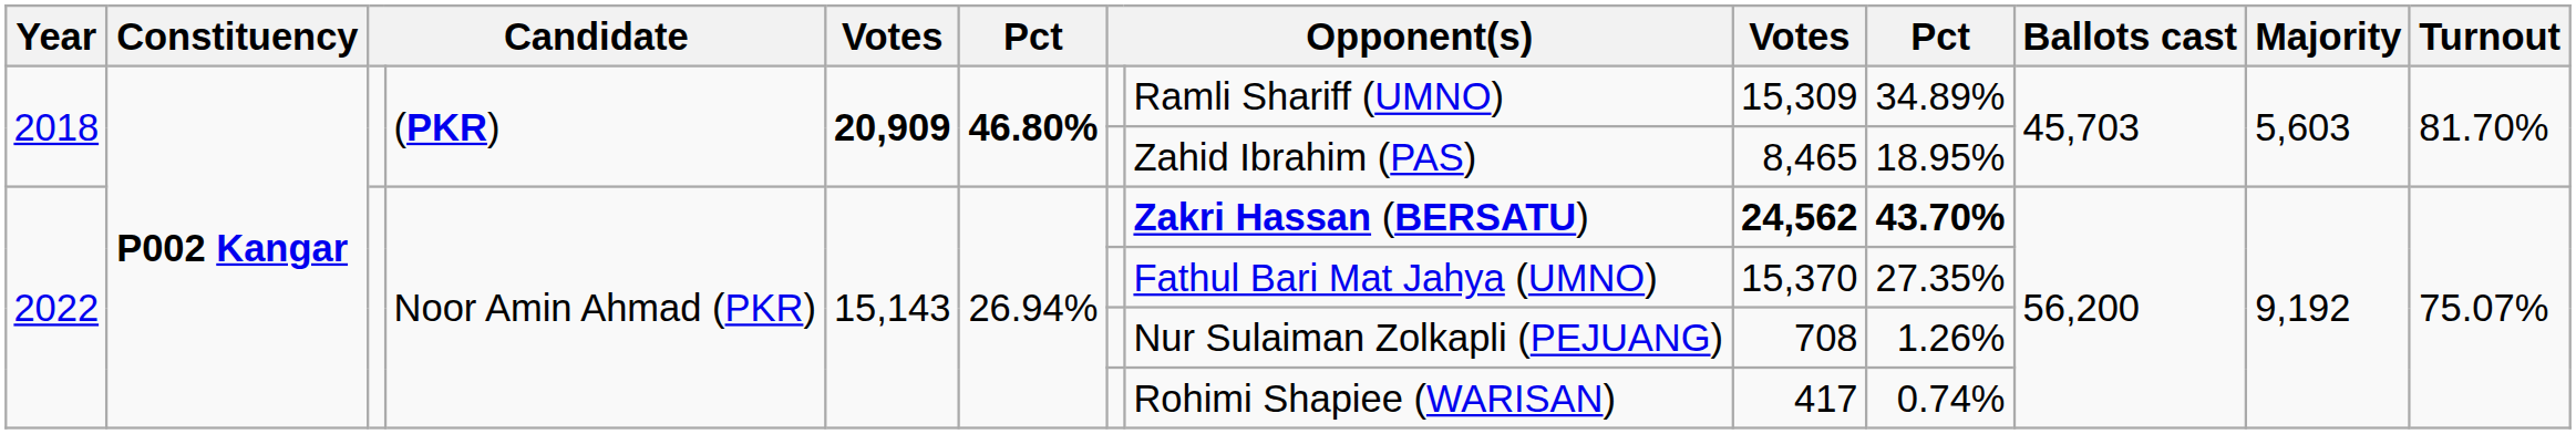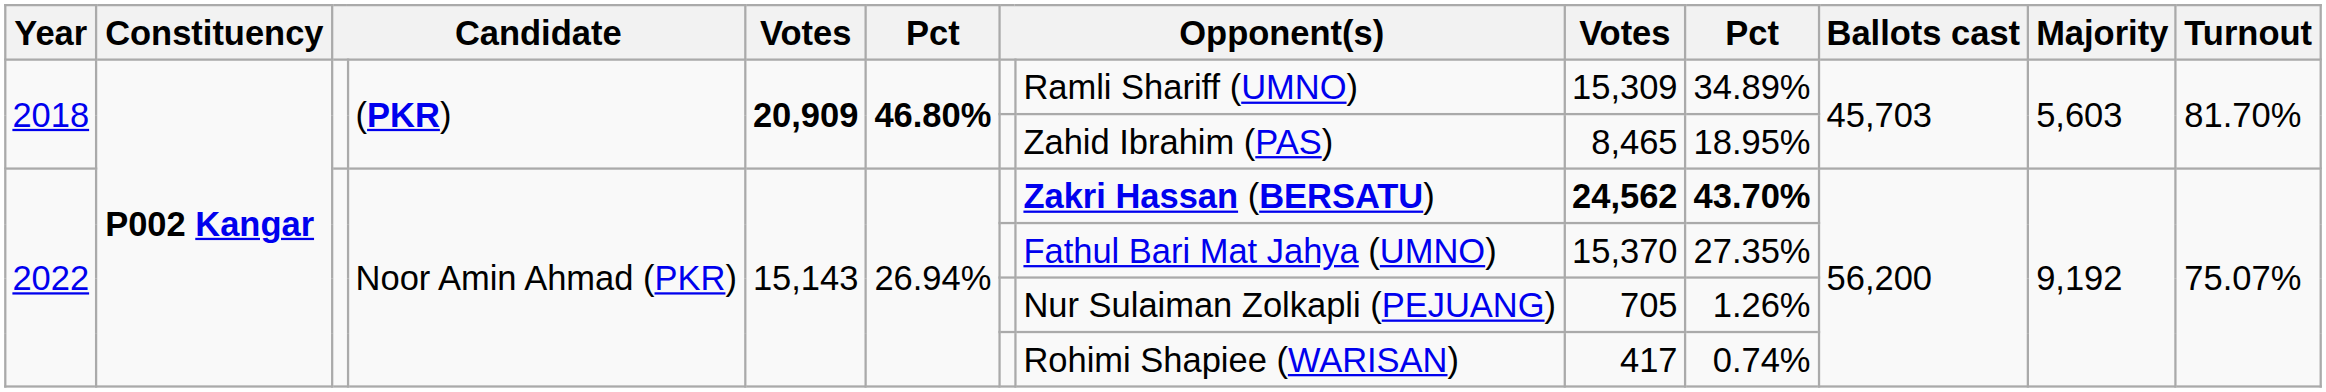 <table class="wikitable" style="margin:0.5em ; font-size:95%">
 <tr>
 <th>Year</th>
 <th>Constituency</th>
 <th colspan=2>Candidate</th>
 <th>Votes</th>
 <th>Pct</th>
 <th colspan=2>Opponent(s)</th>
 <th>Votes</th>
 <th>Pct</th>
 <th>Ballots cast</th>
 <th>Majority</th>
 <th>Turnout</th>
 </tr>
 <tr>
 <td rowspan=2><a href='#'>2018</a></td>
 <td rowspan=6><strong>P002 <a href='#'>Kangar</a></strong></td>
 <td rowspan=2 ></td>
 <td rowspan=2> (<a href='#'><strong>PKR</strong></a>)</td>
 <td rowspan=2 align=right><strong>20,909</strong></td>
 <td rowspan=2><strong>46.80%</strong></td>
 <td></td>
 <td>Ramli Shariff (<a href='#'>UMNO</a>)</td>
 <td align=right>15,309</td>
 <td>34.89%</td>
 <td rowspan=2>45,703</td>
 <td rowspan=2>5,603</td>
 <td rowspan=2>81.70%</td>
 </tr>
 <tr>
 <td></td>
 <td>Zahid Ibrahim (<a href='#'>PAS</a>)</td>
 <td align=right>8,465</td>
 <td>18.95%</td>
 </tr>
 <tr>
 <td rowspan=4><a href='#'>2022</a></td>
 <td rowspan=4 ></td>
 <td rowspan=4>Noor Amin Ahmad (<a href='#'>PKR</a>)</td>
 <td rowspan=4 align=right>15,143</td>
 <td rowspan=4>26.94%</td>
 <td bgcolor=></td>
 <td><strong><a href='#'>Zakri Hassan</a></strong> (<a href='#'><strong>BERSATU</strong></a>)</td>
 <td align=right><strong>24,562</strong></td>
 <td><strong>43.70%</strong></td>
 <td rowspan=4>56,200</td>
 <td rowspan=4>9,192</td>
 <td rowspan=4>75.07%</td>
 </tr>
 <tr>
 <td></td>
 <td><a href='#'>Fathul Bari Mat Jahya</a> (<a href='#'>UMNO</a>)</td>
 <td align=right>15,370</td>
 <td>27.35%</td>
 </tr>
 <tr>
 <td bgcolor=></td>
 <td>Nur Sulaiman Zolkapli (<a href='#'>PEJUANG</a>)</td>
-<td align=right>708</td>
+<td align=right>705</td>
 <td align=right>1.26%</td>
 </tr>
 <tr>
 <td></td>
 <td>Rohimi Shapiee (<a href='#'>WARISAN</a>)</td>
 <td align=right>417</td>
 <td align=right>0.74%</td>
 </tr>
 </table>
